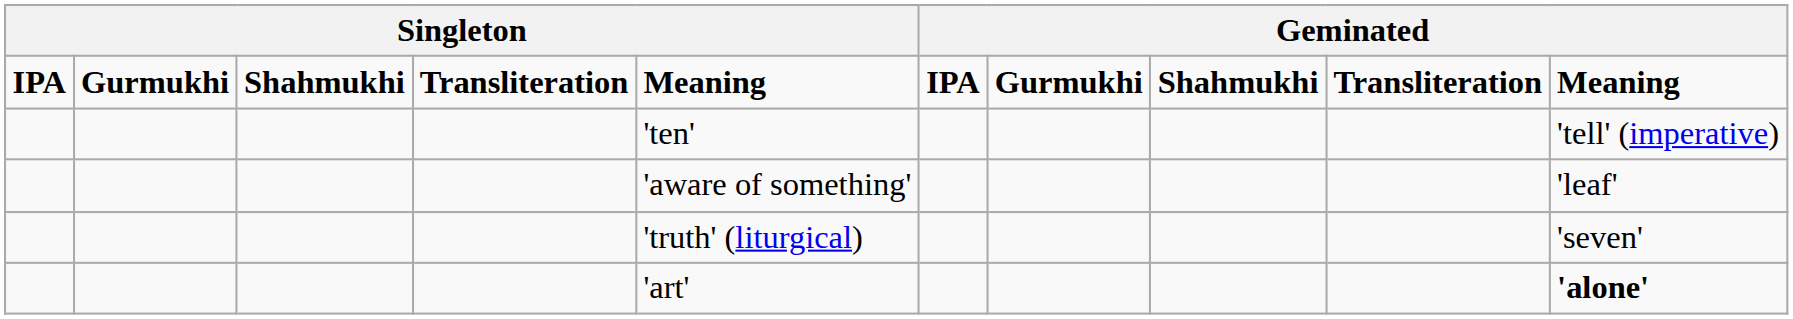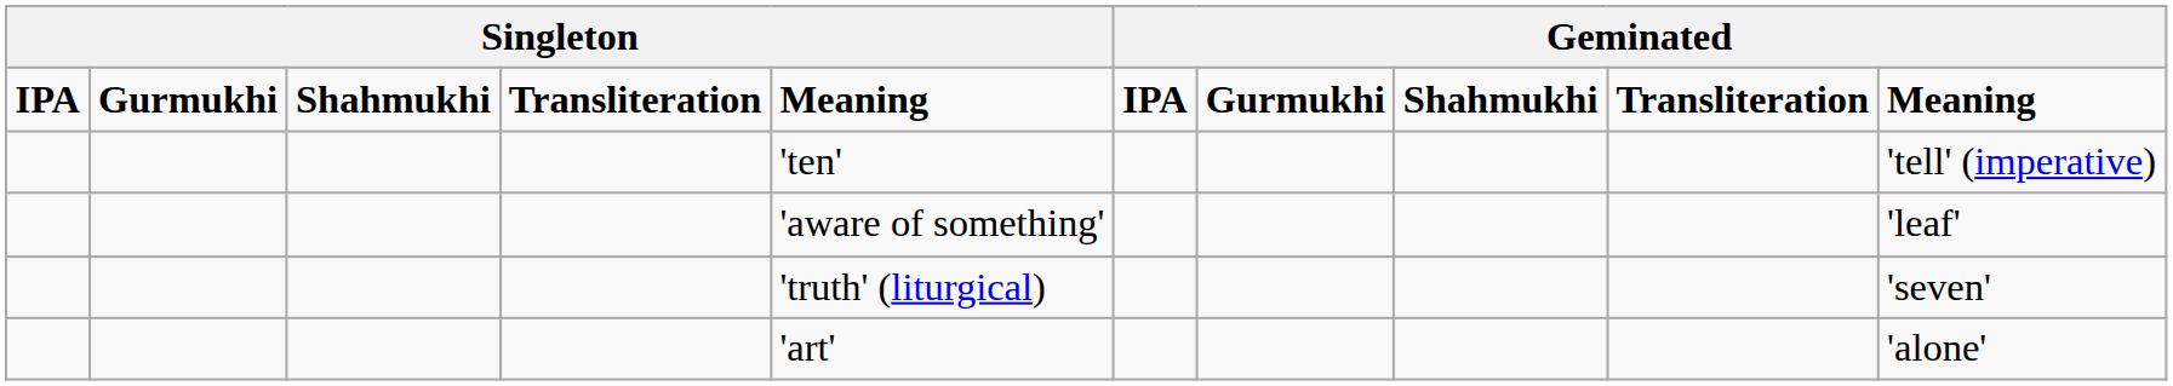 <table class="wikitable">
 <tr>
 <th colspan="5">Singleton</th>
 <th colspan="5">Geminated</th>
 </tr>
 <tr>
 <td><strong>IPA</strong></td>
 <td><strong>Gurmukhi</strong></td>
 <td><strong>Shahmukhi</strong></td>
 <td><strong>Transliteration</strong></td>
 <td><strong>Meaning</strong></td>
 <td><strong>IPA</strong></td>
 <td><strong>Gurmukhi</strong></td>
 <td><strong>Shahmukhi</strong></td>
 <td><strong>Transliteration</strong></td>
 <td><strong>Meaning</strong></td>
 </tr>
 <tr>
 <td></td>
 <td></td>
 <td></td>
 <td></td>
 <td>'ten'</td>
 <td></td>
 <td></td>
 <td></td>
 <td></td>
 <td>'tell' (<a href='#'>imperative</a>)</td>
 </tr>
 <tr>
 <td></td>
 <td></td>
 <td></td>
 <td></td>
 <td>'aware of something'</td>
 <td></td>
 <td></td>
 <td></td>
 <td></td>
 <td>'leaf'</td>
 </tr>
 <tr>
 <td></td>
 <td></td>
 <td></td>
 <td></td>
 <td>'truth' (<a href='#'>liturgical</a>)</td>
 <td></td>
 <td></td>
 <td></td>
 <td></td>
 <td>'seven'</td>
 </tr>
 <tr>
 <td></td>
 <td></td>
 <td></td>
 <td></td>
 <td>'art'</td>
 <td></td>
 <td></td>
 <td></td>
 <td></td>
-<td><strong>'alone'</strong></td>
+<td>'alone'</td>
 </tr>
 </table>
